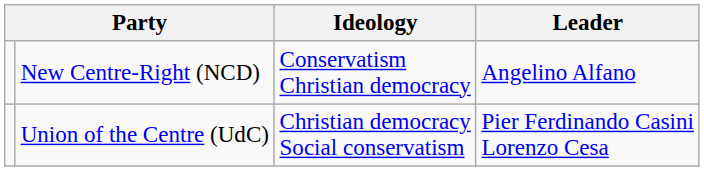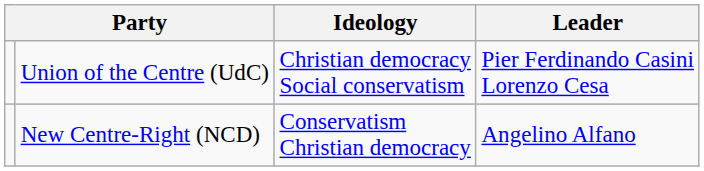 <table class=wikitable style=text-align:left>
 <tr>
 <th colspan=2>Party</th>
 <th>Ideology</th>
 <th>Leader</th>
 </tr>
 <tr>
 <td></td>
+<td><a href='#'>Union of the Centre</a> (UdC)</td>
+<td><a href='#'>Christian democracy</a><br><a href='#'>Social conservatism</a></td>
+<td><a href='#'>Pier Ferdinando Casini</a><br><a href='#'>Lorenzo Cesa</a></td>
+</tr>
+<tr>
+<td></td>
 <td><a href='#'>New Centre-Right</a> (NCD)</td>
 <td><a href='#'>Conservatism</a><br><a href='#'>Christian democracy</a></td>
 <td><a href='#'>Angelino Alfano</a></td>
 </tr>
-<tr>
-<td></td>
-<td><a href='#'>Union of the Centre</a> (UdC)</td>
-<td><a href='#'>Christian democracy</a><br><a href='#'>Social conservatism</a></td>
-<td><a href='#'>Pier Ferdinando Casini</a><br><a href='#'>Lorenzo Cesa</a></td>
-</tr>
 </table>
